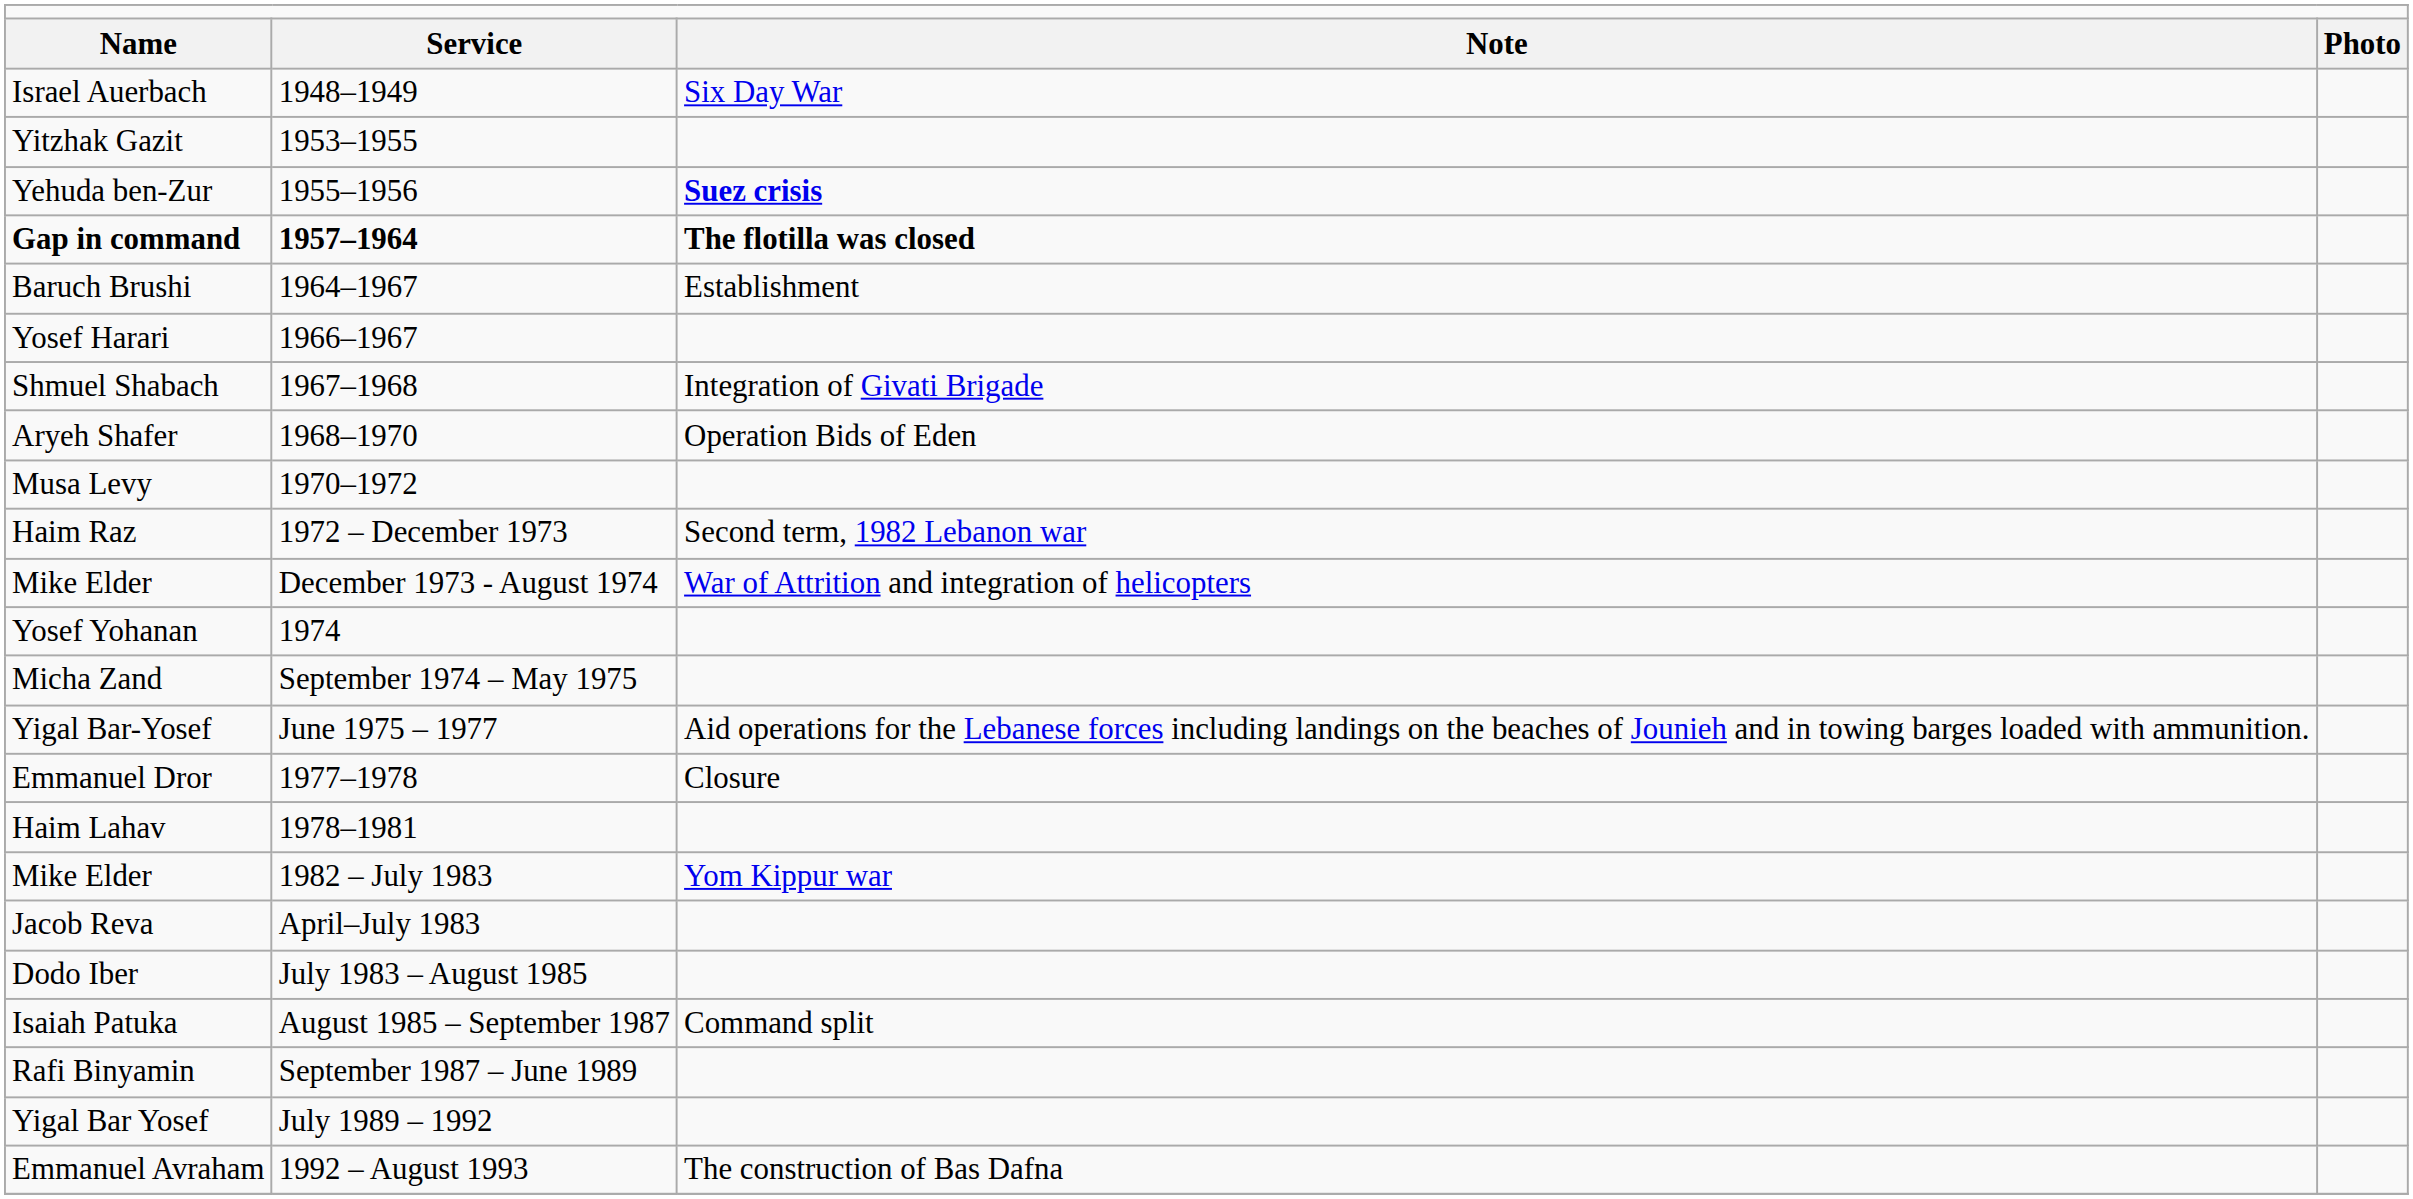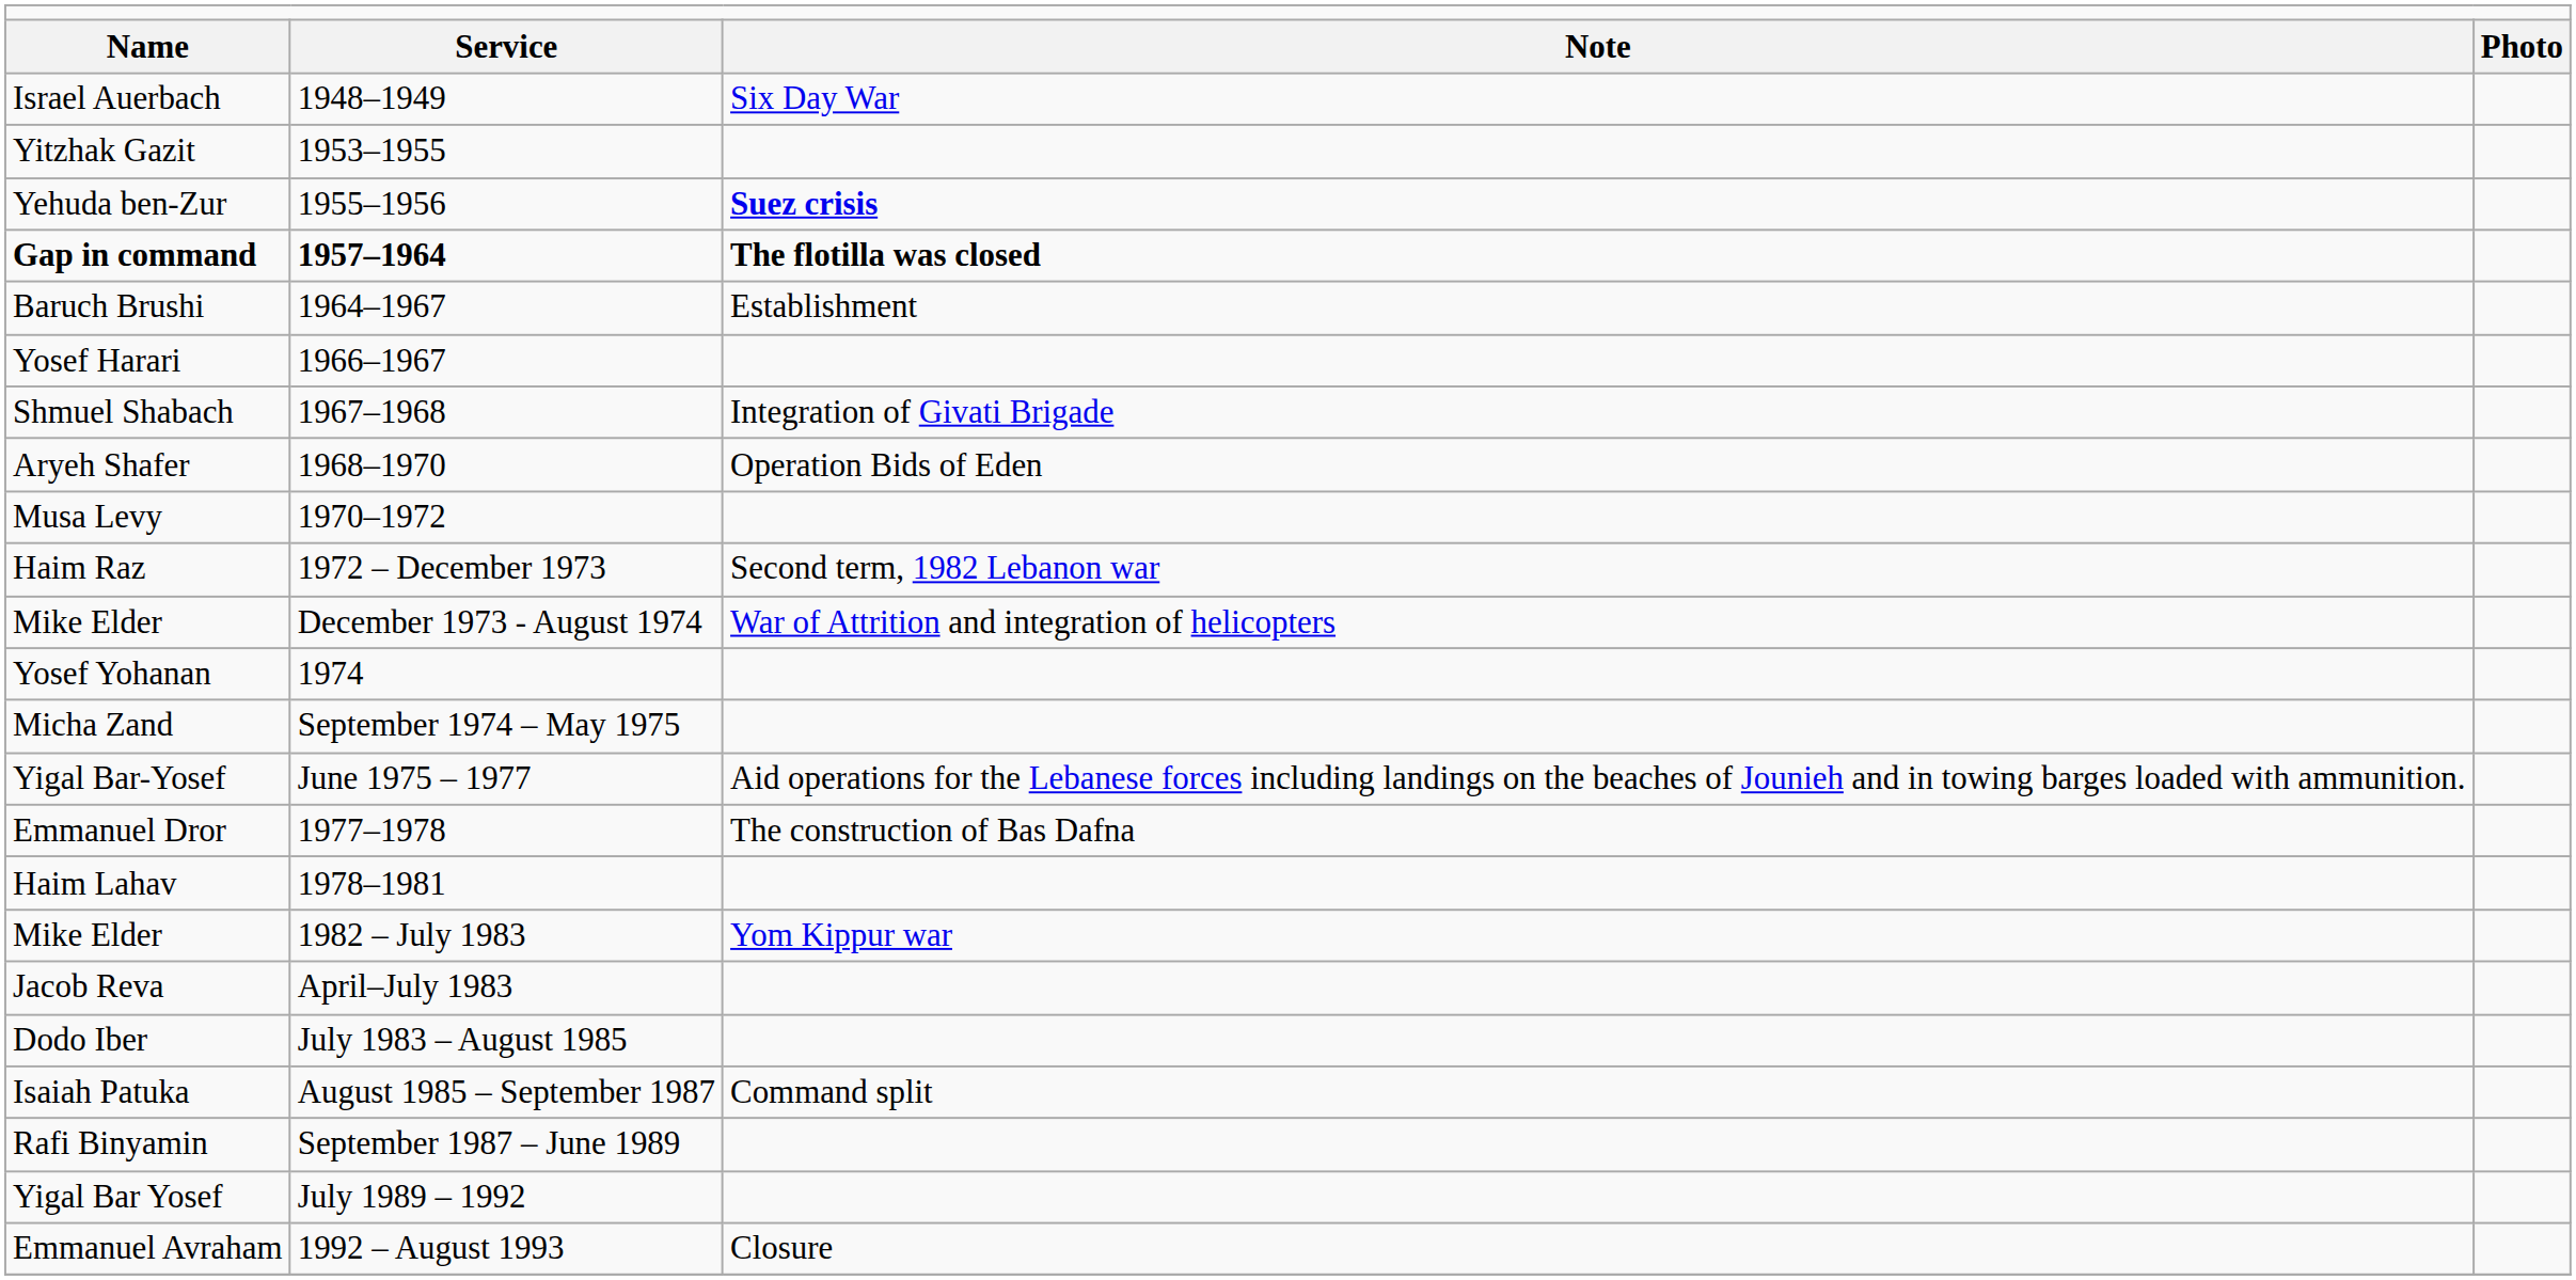 <table border="1" align="center" class="wikitable mw-collapsible mw-collapsed">
 <tr>
 <td colspan="6"></td>
 </tr>
 <tr>
 <th>Name</th>
 <th>Service</th>
 <th>Note</th>
 <th>Photo</th>
 </tr>
 <tr>
 <td>Israel Auerbach</td>
 <td>1948–1949</td>
 <td><a href='#'>Six Day War</a></td>
 <td></td>
 </tr>
 <tr>
 <td>Yitzhak Gazit</td>
 <td>1953–1955</td>
 <td></td>
 <td></td>
 </tr>
 <tr>
 <td>Yehuda ben-Zur</td>
 <td>1955–1956</td>
 <td><strong><a href='#'>Suez crisis</a></strong></td>
 <td></td>
 </tr>
 <tr>
 <td><strong>Gap in command</strong></td>
 <td><strong>1957–1964</strong></td>
 <td><strong>The flotilla was closed </strong></td>
 <td></td>
 </tr>
 <tr>
 <td>Baruch Brushi</td>
 <td>1964–1967</td>
 <td>Establishment</td>
 <td></td>
 </tr>
 <tr>
 <td>Yosef Harari</td>
 <td>1966–1967</td>
 <td></td>
 <td></td>
 </tr>
 <tr>
 <td>Shmuel Shabach</td>
 <td>1967–1968</td>
 <td>Integration of <a href='#'>Givati Brigade</a></td>
 <td></td>
 </tr>
 <tr>
 <td>Aryeh Shafer</td>
 <td>1968–1970</td>
 <td>Operation Bids of Eden</td>
 <td></td>
 </tr>
 <tr>
 <td>Musa Levy</td>
 <td>1970–1972</td>
 <td></td>
 <td></td>
 </tr>
 <tr>
 <td>Haim Raz</td>
 <td>1972 – December 1973</td>
 <td>Second term, <a href='#'>1982 Lebanon war</a></td>
 <td></td>
 </tr>
 <tr>
 <td>Mike Elder</td>
 <td>December 1973 - August 1974</td>
 <td><a href='#'>War of Attrition</a> and integration of <a href='#'>helicopters</a></td>
 <td></td>
 </tr>
 <tr>
 <td>Yosef Yohanan</td>
 <td>1974</td>
 <td></td>
 <td></td>
 </tr>
 <tr>
 <td>Micha Zand</td>
 <td>September 1974 – May 1975</td>
 <td></td>
 <td></td>
 </tr>
 <tr>
 <td>Yigal Bar-Yosef</td>
 <td>June 1975 – 1977</td>
 <td>Aid operations for the <a href='#'>Lebanese forces</a> including landings on the beaches of <a href='#'>Jounieh</a> and in towing barges loaded with ammunition.</td>
 <td></td>
 </tr>
 <tr>
 <td>Emmanuel Dror</td>
 <td>1977–1978</td>
-<td>Closure</td>
+<td>The construction of Bas Dafna</td>
 <td></td>
 </tr>
 <tr>
 <td>Haim Lahav</td>
 <td>1978–1981</td>
 <td></td>
 <td></td>
 </tr>
 <tr>
 <td>Mike Elder</td>
 <td>1982 – July 1983</td>
 <td><a href='#'>Yom Kippur war</a></td>
 <td></td>
 </tr>
 <tr>
 <td>Jacob Reva</td>
 <td>April–July 1983</td>
 <td></td>
 <td></td>
 </tr>
 <tr>
 <td>Dodo Iber</td>
 <td>July 1983 – August 1985</td>
 <td></td>
 </tr>
 <tr>
 <td>Isaiah Patuka</td>
 <td>August 1985 – September 1987</td>
 <td>Command split</td>
 <td></td>
 </tr>
 <tr>
 <td>Rafi Binyamin</td>
 <td>September 1987 – June 1989</td>
 <td></td>
 <td></td>
 </tr>
 <tr>
 <td>Yigal Bar Yosef</td>
 <td>July 1989 – 1992</td>
 <td></td>
 <td></td>
 </tr>
 <tr>
 <td>Emmanuel Avraham</td>
 <td>1992 – August 1993</td>
-<td>The construction of Bas Dafna</td>
+<td>Closure</td>
 <td></td>
 </tr>
 <tr>
 </tr>
 </table>
